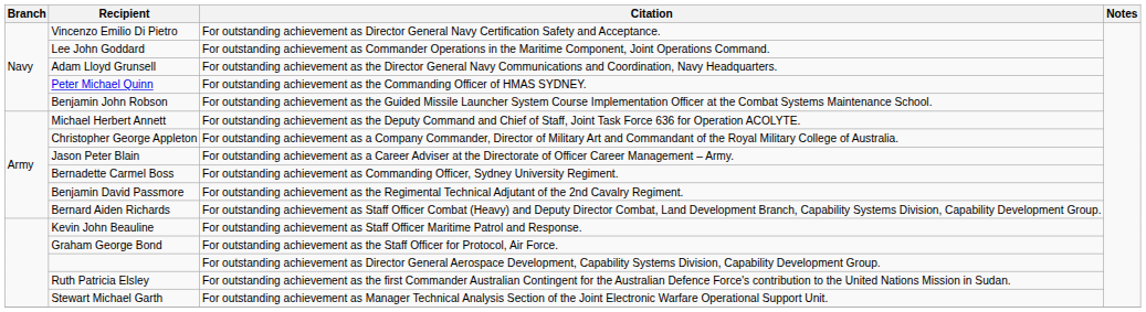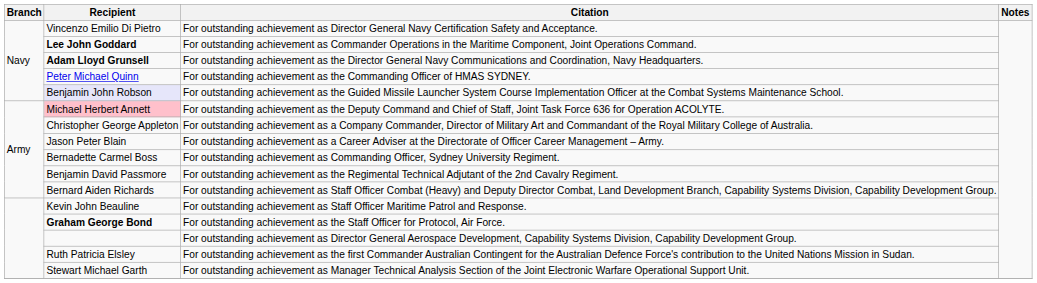 <table class="wikitable" style="font-size:95%;">
 <tr>
 <th>Branch</th>
 <th>Recipient</th>
 <th>Citation</th>
 <th>Notes</th>
 </tr>
 <tr>
 <td rowspan=5>Navy</td>
 <td>Vincenzo Emilio Di Pietro </td>
 <td>For outstanding achievement as Director General Navy Certification Safety and Acceptance.</td>
 <td rowspan=16></td>
 </tr>
 <tr>
-<td> Lee John Goddard </td>
+<td><strong> Lee John Goddard </strong></td>
 <td>For outstanding achievement as Commander Operations in the Maritime Component, Joint Operations Command.</td>
 </tr>
 <tr>
-<td> Adam Lloyd Grunsell </td>
+<td><strong> Adam Lloyd Grunsell </strong></td>
 <td>For outstanding achievement as the Director General Navy Communications and Coordination, Navy Headquarters.</td>
 </tr>
 <tr>
 <td> <a href='#'>Peter Michael Quinn</a> </td>
 <td>For outstanding achievement as the Commanding Officer of HMAS SYDNEY.</td>
 </tr>
 <tr>
-<td> Benjamin John Robson</td>
+<td style="background: lavender;"> Benjamin John Robson</td>
 <td>For outstanding achievement as the Guided Missile Launcher System Course Implementation Officer at the Combat Systems Maintenance School.</td>
 </tr>
 <tr>
 <td rowspan=6>Army</td>
-<td> Michael Herbert Annett</td>
+<td style="background: pink;"> Michael Herbert Annett</td>
 <td>For outstanding achievement as the Deputy Command and Chief of Staff, Joint Task Force 636 for Operation ACOLYTE.</td>
 </tr>
 <tr>
 <td> Christopher George Appleton</td>
 <td>For outstanding achievement as a Company Commander, Director of Military Art and Commandant of the Royal Military College of Australia.</td>
 </tr>
 <tr>
 <td> Jason Peter Blain</td>
 <td>For outstanding achievement as a Career Adviser at the Directorate of Officer Career Management – Army.</td>
 </tr>
 <tr>
 <td> Bernadette Carmel Boss</td>
 <td>For outstanding achievement as Commanding Officer, Sydney University Regiment.</td>
 </tr>
 <tr>
 <td> Benjamin David Passmore</td>
 <td>For outstanding achievement as the Regimental Technical Adjutant of the 2nd Cavalry Regiment.</td>
 </tr>
 <tr>
 <td> Bernard Aiden Richards</td>
 <td>For outstanding achievement as Staff Officer Combat (Heavy) and Deputy Director Combat, Land Development Branch, Capability Systems Division, Capability Development Group.</td>
 </tr>
 <tr>
 <td rowspan=5></td>
 <td> Kevin John Beauline</td>
 <td>For outstanding achievement as Staff Officer Maritime Patrol and Response.</td>
 </tr>
 <tr>
-<td> Graham George Bond</td>
+<td><strong> Graham George Bond</strong></td>
 <td>For outstanding achievement as the Staff Officer for Protocol, Air Force.</td>
 </tr>
 <tr>
 <td></td>
 <td>For outstanding achievement as Director General Aerospace Development, Capability Systems Division, Capability Development Group.</td>
 </tr>
 <tr>
 <td> Ruth Patricia Elsley</td>
 <td>For outstanding achievement as the first Commander Australian Contingent for the Australian Defence Force's contribution to the United Nations Mission in Sudan.</td>
 </tr>
 <tr>
 <td> Stewart Michael Garth</td>
 <td>For outstanding achievement as Manager Technical Analysis Section of the Joint Electronic Warfare Operational Support Unit.</td>
 </tr>
 <tr>
 </tr>
 </table>
